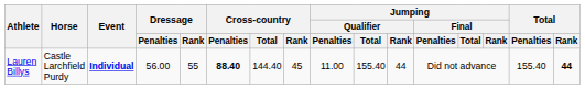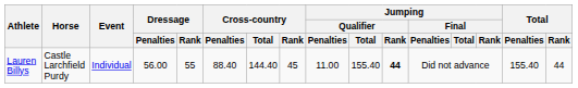 <table class=wikitable style="font-size:90%">
 <tr>
 <th rowspan="3">Athlete</th>
 <th rowspan="3">Horse</th>
 <th rowspan="3">Event</th>
 <th colspan="2" rowspan="2">Dressage</th>
 <th colspan="3" rowspan="2">Cross-country</th>
 <th colspan="6">Jumping</th>
 <th colspan="2" rowspan="2">Total</th>
 </tr>
 <tr style="font-size:95%">
 <th colspan="3">Qualifier</th>
 <th colspan="3">Final</th>
 </tr>
 <tr style="font-size:95%">
 <th>Penalties</th>
 <th>Rank</th>
 <th>Penalties</th>
 <th>Total</th>
 <th>Rank</th>
 <th>Penalties</th>
 <th>Total</th>
 <th>Rank</th>
 <th>Penalties</th>
 <th>Total</th>
 <th>Rank</th>
 <th>Penalties</th>
 <th>Rank</th>
 </tr>
 <tr align=center>
 <td align=left><a href='#'>Lauren Billys</a></td>
 <td align=left>Castle Larchfield Purdy</td>
-<td align=left><strong><a href='#'>Individual</a></strong></td>
+<td align=left><a href='#'>Individual</a></td>
 <td>56.00</td>
 <td>55</td>
-<td><strong>88.40</strong></td>
+<td>88.40</td>
 <td>144.40</td>
 <td>45</td>
 <td>11.00</td>
 <td>155.40</td>
-<td>44</td>
+<td><strong>44</strong></td>
 <td colspan=3>Did not advance</td>
 <td>155.40</td>
-<td><strong>44</strong></td>
+<td>44</td>
 </tr>
 </table>
